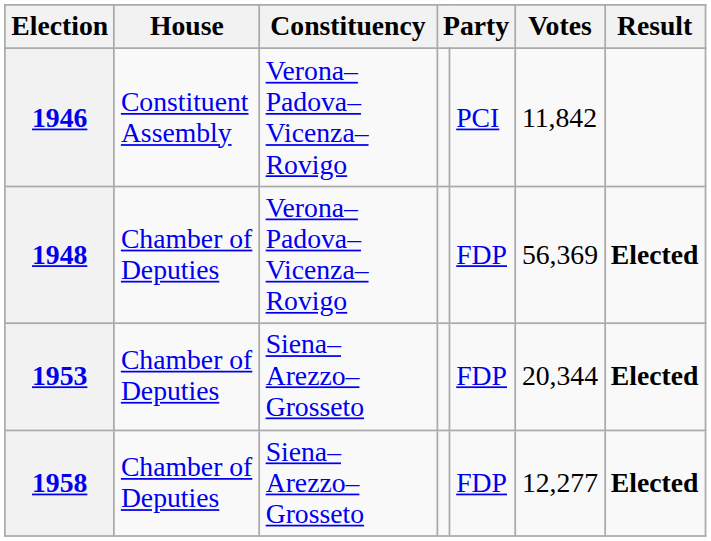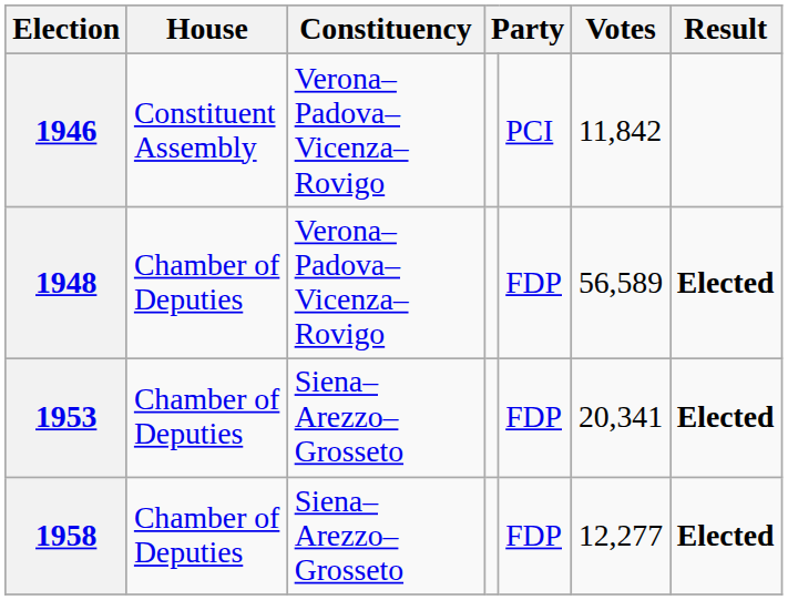 <table class=wikitable style="width:65%; border:1px #AAAAFF solid">
 <tr>
 <th width=12%>Election</th>
 <th width=30%>House</th>
 <th width=45%>Constituency</th>
 <th width=5% colspan="2">Party</th>
 <th width=12%>Votes</th>
 <th width=12%>Result</th>
 </tr>
 <tr>
 <th><a href='#'>1946</a></th>
 <td><a href='#'>Constituent Assembly</a></td>
 <td><a href='#'>Verona–Padova–Vicenza–Rovigo</a></td>
 <td></td>
 <td><a href='#'>PCI</a></td>
 <td>11,842</td>
 <td></td>
 </tr>
 <tr>
 <th><a href='#'>1948</a></th>
 <td><a href='#'>Chamber of Deputies</a></td>
 <td><a href='#'>Verona–Padova–Vicenza–Rovigo</a></td>
 <td></td>
 <td><a href='#'>FDP</a></td>
-<td>56,369</td>
+<td>56,589</td>
 <td> <strong>Elected</strong></td>
 </tr>
 <tr>
 <th><a href='#'>1953</a></th>
 <td><a href='#'>Chamber of Deputies</a></td>
 <td><a href='#'>Siena–Arezzo–Grosseto</a></td>
 <td></td>
 <td><a href='#'>FDP</a></td>
-<td>20,344</td>
+<td>20,341</td>
 <td> <strong>Elected</strong></td>
 </tr>
 <tr>
 <th><a href='#'>1958</a></th>
 <td><a href='#'>Chamber of Deputies</a></td>
 <td><a href='#'>Siena–Arezzo–Grosseto</a></td>
 <td></td>
 <td><a href='#'>FDP</a></td>
 <td>12,277</td>
 <td> <strong>Elected</strong></td>
 </tr>
 </table>
